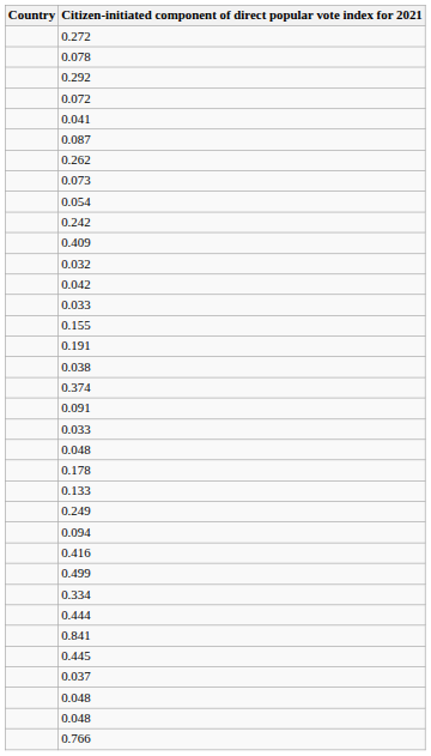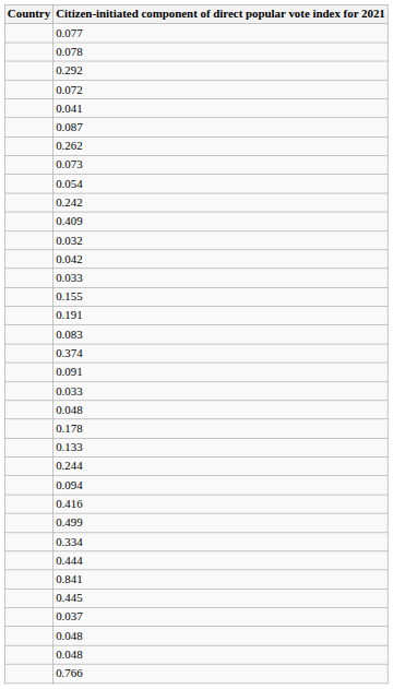 <table class="wikitable sortable mw-collapsible mw-collapsed">
 <tr>
 <th>Country</th>
 <th>Citizen-initiated component of direct popular vote index for 2021</th>
 </tr>
 <tr>
 <td></td>
-<td>0.272</td>
+<td>0.077</td>
 </tr>
 <tr>
 <td></td>
 <td>0.078</td>
 </tr>
 <tr>
 <td></td>
 <td>0.292</td>
 </tr>
 <tr>
 <td></td>
 <td>0.072</td>
 </tr>
 <tr>
 <td></td>
 <td>0.041</td>
 </tr>
 <tr>
 <td></td>
 <td>0.087</td>
 </tr>
 <tr>
 <td></td>
 <td>0.262</td>
 </tr>
 <tr>
 <td></td>
 <td>0.073</td>
 </tr>
 <tr>
 <td></td>
 <td>0.054</td>
 </tr>
 <tr>
 <td></td>
 <td>0.242</td>
 </tr>
 <tr>
 <td></td>
 <td>0.409</td>
 </tr>
 <tr>
 <td></td>
 <td>0.032</td>
 </tr>
 <tr>
 <td></td>
 <td>0.042</td>
 </tr>
 <tr>
 <td></td>
 <td>0.033</td>
 </tr>
 <tr>
 <td></td>
 <td>0.155</td>
 </tr>
 <tr>
 <td></td>
 <td>0.191</td>
 </tr>
 <tr>
 <td></td>
-<td>0.038</td>
+<td>0.083</td>
 </tr>
 <tr>
 <td></td>
 <td>0.374</td>
 </tr>
 <tr>
 <td></td>
 <td>0.091</td>
 </tr>
 <tr>
 <td></td>
 <td>0.033</td>
 </tr>
 <tr>
 <td></td>
 <td>0.048</td>
 </tr>
 <tr>
 <td></td>
 <td>0.178</td>
 </tr>
 <tr>
 <td></td>
 <td>0.133</td>
 </tr>
 <tr>
 <td></td>
-<td>0.249</td>
+<td>0.244</td>
 </tr>
 <tr>
 <td></td>
 <td>0.094</td>
 </tr>
 <tr>
 <td></td>
 <td>0.416</td>
 </tr>
 <tr>
 <td></td>
 <td>0.499</td>
 </tr>
 <tr>
 <td></td>
 <td>0.334</td>
 </tr>
 <tr>
 <td></td>
 <td>0.444</td>
 </tr>
 <tr>
 <td></td>
 <td>0.841</td>
 </tr>
 <tr>
 <td></td>
 <td>0.445</td>
 </tr>
 <tr>
 <td></td>
 <td>0.037</td>
 </tr>
 <tr>
 <td></td>
 <td>0.048</td>
 </tr>
 <tr>
 <td></td>
 <td>0.048</td>
 </tr>
 <tr>
 <td></td>
 <td>0.766</td>
 </tr>
 </table>
